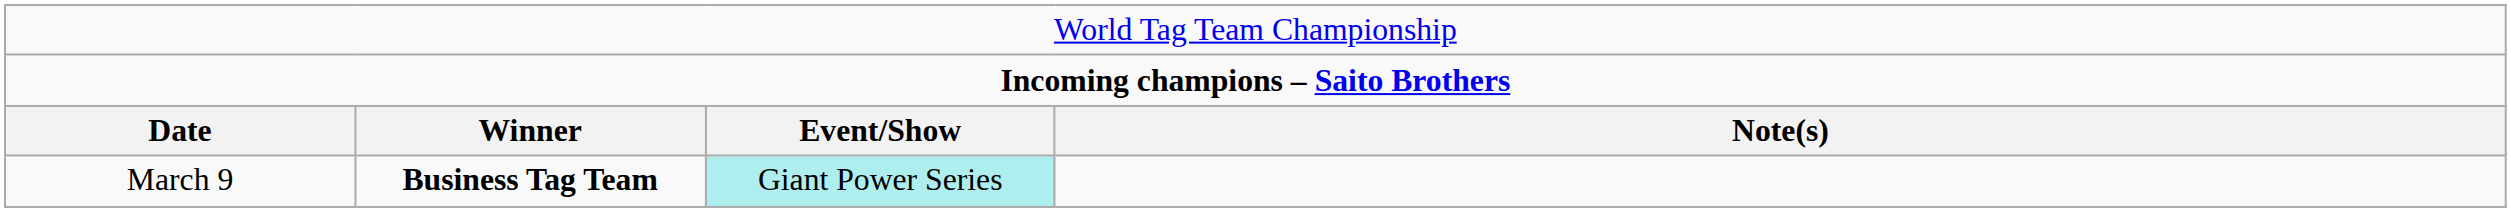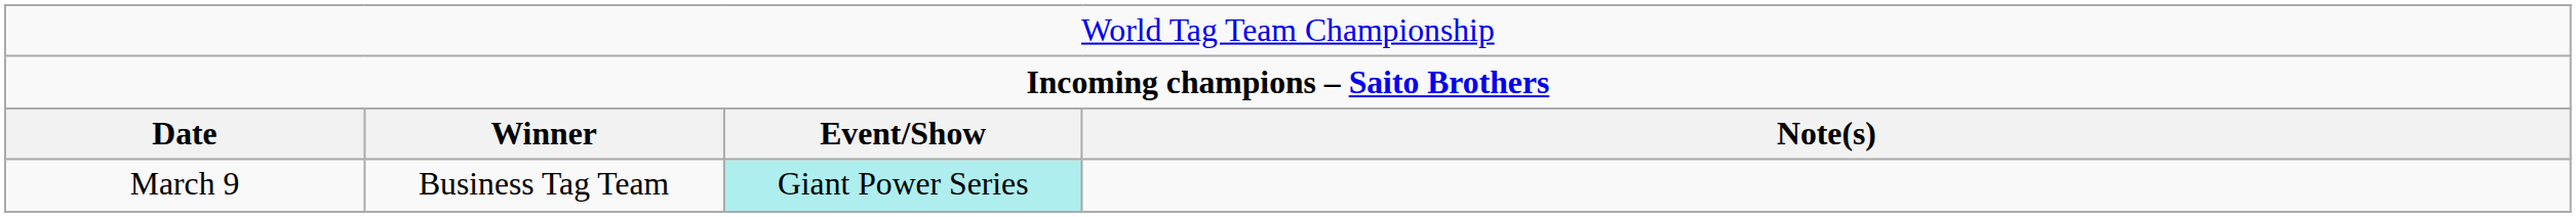 <table class="wikitable" style="text-align:center; width:100%;">
 <tr>
 <td colspan="4" style="text-align: center;"><a href='#'>World Tag Team Championship</a></td>
 </tr>
 <tr>
 <td colspan="4" style="text-align: center;"><strong>Incoming champions – <a href='#'>Saito Brothers </a></strong></td>
 </tr>
 <tr>
 <th width="14%">Date</th>
 <th width="14%">Winner</th>
 <th width="14%">Event/Show</th>
 <th width="58%">Note(s)</th>
 </tr>
 <tr>
 <td>March 9</td>
-<td><strong>Business Tag Team<br></strong></td>
+<td>Business Tag Team<br></td>
 <td style="background: paleturquoise;">Giant Power Series<br></td>
 </tr>
 </table>
